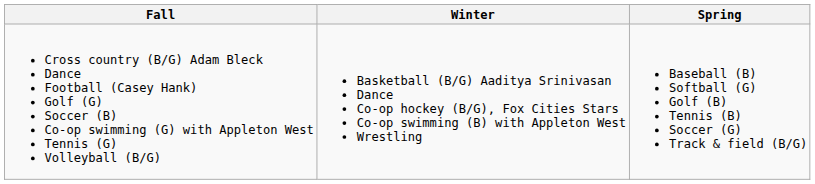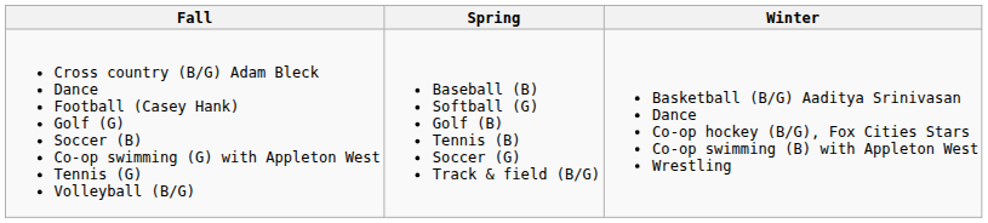 <table class="wikitable">
 <tr>
 <th>Fall</th>
+<th>Spring</th>
 <th>Winter</th>
-<th>Spring</th>
 </tr>
 <tr>
 <td><br><ul><li>Cross country (B/G) Adam Bleck</li><li>Dance</li><li>Football (Casey Hank)</li><li>Golf (G)</li><li>Soccer (B)</li><li>Co-op swimming (G) with Appleton West</li><li>Tennis (G)</li><li>Volleyball (B/G)</li></ul></td>
+<td><br><ul><li>Baseball (B)</li><li>Softball (G)</li><li>Golf (B)</li><li>Tennis (B)</li><li>Soccer (G)</li><li>Track & field (B/G)</li></ul></td>
 <td><br><ul><li>Basketball (B/G) Aaditya Srinivasan</li><li>Dance</li><li>Co-op hockey (B/G), Fox Cities Stars</li><li>Co-op swimming (B) with Appleton West</li><li>Wrestling</li></ul></td>
-<td><br><ul><li>Baseball (B)</li><li>Softball (G)</li><li>Golf (B)</li><li>Tennis (B)</li><li>Soccer (G)</li><li>Track & field (B/G)</li></ul></td>
 </tr>
 </table>
